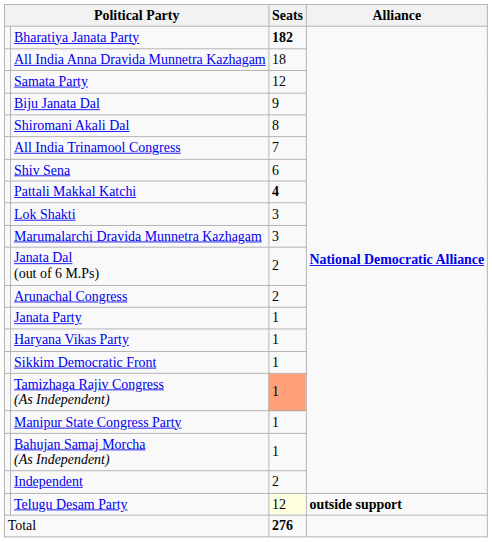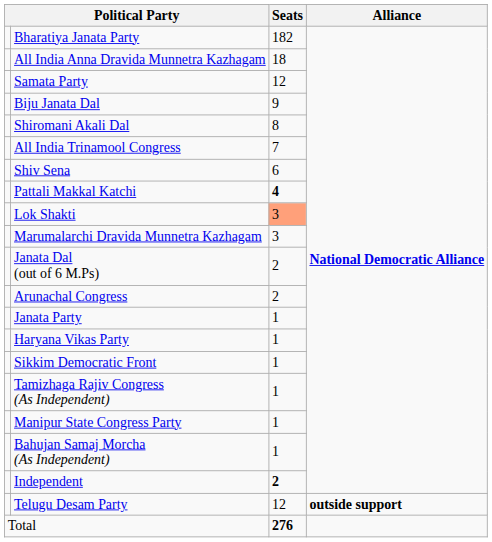 <table class="wikitable">
 <tr>
 <th colspan="2">Political Party</th>
 <th>Seats</th>
 <th>Alliance</th>
 </tr>
 <tr>
 <td style="background-color:"></td>
 <td><a href='#'>Bharatiya Janata Party</a></td>
-<td><strong>182</strong></td>
+<td>182</td>
 <td rowspan="19"><strong><a href='#'>National Democratic Alliance</a></strong></td>
 </tr>
 <tr>
 <td style="background-color:"></td>
 <td><a href='#'>All India Anna Dravida Munnetra Kazhagam</a></td>
 <td>18</td>
 </tr>
 <tr>
 <td style="background-color:"></td>
 <td><a href='#'>Samata Party</a></td>
 <td>12</td>
 </tr>
 <tr>
 <td style="background-color:"></td>
 <td><a href='#'>Biju Janata Dal</a></td>
 <td>9</td>
 </tr>
 <tr>
 <td style="background-color:"></td>
 <td><a href='#'>Shiromani Akali Dal</a></td>
 <td>8</td>
 </tr>
 <tr>
 <td style="background-color:"></td>
 <td><a href='#'>All India Trinamool Congress</a></td>
 <td>7</td>
 </tr>
 <tr>
 <td style="background-color:"></td>
 <td><a href='#'>Shiv Sena</a></td>
 <td>6</td>
 </tr>
 <tr>
 <td style="background-color:"></td>
 <td><a href='#'>Pattali Makkal Katchi</a></td>
 <td><strong>4</strong></td>
 </tr>
 <tr>
 <td style="background-color:"></td>
 <td><a href='#'>Lok Shakti</a></td>
-<td>3</td>
+<td style="background: lightsalmon;">3</td>
 </tr>
 <tr>
 <td style="background-color:"></td>
 <td><a href='#'>Marumalarchi Dravida Munnetra Kazhagam</a></td>
 <td>3</td>
 </tr>
 <tr>
 <td style="background-color:"></td>
 <td><a href='#'>Janata Dal</a> <br> (out of 6 M.Ps)</td>
 <td>2</td>
 </tr>
 <tr>
 <td style="background-color:"></td>
 <td><a href='#'>Arunachal Congress</a></td>
 <td>2</td>
 </tr>
 <tr>
 <td style="background-color:"></td>
 <td><a href='#'>Janata Party</a></td>
 <td>1</td>
 </tr>
 <tr>
 <td style="background-color:"></td>
 <td><a href='#'>Haryana Vikas Party</a></td>
 <td>1</td>
 </tr>
 <tr>
 <td style="background-color:"></td>
 <td><a href='#'>Sikkim Democratic Front</a></td>
 <td>1</td>
 </tr>
 <tr>
 <td style="background-color:"></td>
 <td><a href='#'>Tamizhaga Rajiv Congress</a> <br> <em>(As Independent)</em></td>
-<td style="background: lightsalmon;">1</td>
+<td>1</td>
 </tr>
 <tr>
 <td style="background-color:"></td>
 <td><a href='#'>Manipur State Congress Party</a></td>
 <td>1</td>
 </tr>
 <tr>
 <td style="background-color:"></td>
 <td><a href='#'>Bahujan Samaj Morcha</a> <br> <em>(As Independent)</em></td>
 <td>1</td>
 </tr>
 <tr>
 <td style="background-color:"></td>
 <td><a href='#'>Independent</a></td>
-<td>2</td>
+<td><strong>2</strong></td>
 </tr>
 <tr>
 <td style="background-color:"></td>
 <td><a href='#'>Telugu Desam Party</a></td>
-<td style="background: lightyellow;">12</td>
+<td>12</td>
 <td rowspan="1"><strong>outside support</strong></td>
 </tr>
 <tr>
 <td colspan=2>Total</td>
 <td><strong>276</strong></td>
 <td></td>
 </tr>
 </table>
